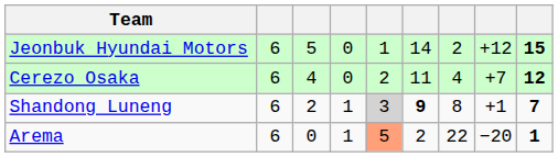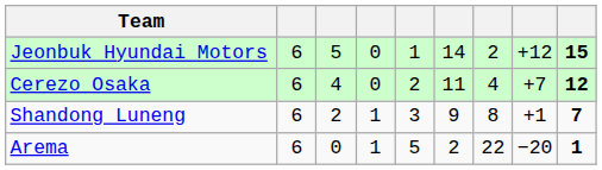 <table class="wikitable" style="text-align:center;">
 <tr>
 <th width=175>Team</th>
 <th width=20></th>
 <th width=20></th>
 <th width=20></th>
 <th width=20></th>
 <th width=20></th>
 <th width=20></th>
 <th width=20></th>
 <th width=20></th>
 </tr>
 <tr bgcolor=#ccffcc>
 <td align=left> <a href='#'>Jeonbuk Hyundai Motors</a></td>
 <td>6</td>
 <td>5</td>
 <td>0</td>
 <td>1</td>
 <td>14</td>
 <td>2</td>
 <td>+12</td>
 <td><strong>15</strong></td>
 </tr>
 <tr bgcolor=#ccffcc>
 <td align=left> <a href='#'>Cerezo Osaka</a></td>
 <td>6</td>
 <td>4</td>
 <td>0</td>
 <td>2</td>
 <td>11</td>
 <td>4</td>
 <td>+7</td>
 <td><strong>12</strong></td>
 </tr>
 <tr>
 <td align=left> <a href='#'>Shandong Luneng</a></td>
 <td>6</td>
 <td>2</td>
 <td>1</td>
-<td style="background: lightgrey;">3</td>
-<td><strong>9</strong></td>
+<td>3</td>
+<td>9</td>
 <td>8</td>
 <td>+1</td>
 <td><strong>7</strong></td>
 </tr>
 <tr>
 <td align=left> <a href='#'>Arema</a></td>
 <td>6</td>
 <td>0</td>
 <td>1</td>
-<td style="background: lightsalmon;">5</td>
+<td>5</td>
 <td>2</td>
 <td>22</td>
 <td>−20</td>
 <td><strong>1</strong></td>
 </tr>
 </table>
